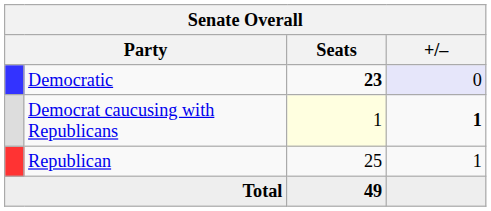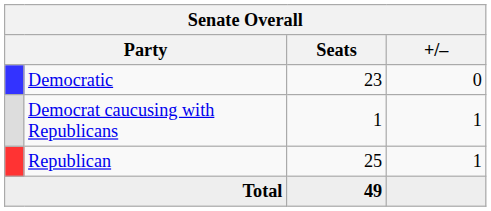 <table class="wikitable" style="font-size:95%;">
 <tr>
 <th colspan="6">Senate Overall</th>
 </tr>
 <tr>
 <th colspan=2 style="width: 15em">Party</th>
 <th style="width: 5em">Seats</th>
 <th style="width: 5em">+/–</th>
 </tr>
 <tr>
 <th style="background:#33f; width:3px;"></th>
 <td style="width: 130px"><a href='#'>Democratic</a></td>
-<td style="text-align:right;"><strong>23</strong></td>
-<td style="background: lavender; text-align:right;">0</td>
+<td style="text-align:right;">23</td>
+<td style="text-align:right;">0</td>
 </tr>
 <tr>
 <th style="background:#ddd; width:3px;"></th>
 <td style="width: 130px"><a href='#'>Democrat caucusing with Republicans</a></td>
-<td style="background: lightyellow; text-align:right;">1</td>
-<td style="text-align:right;"><strong> 1</strong></td>
+<td style="text-align:right;">1</td>
+<td style="text-align:right;"> 1</td>
 </tr>
 <tr>
 <th style="background:#f33; width:3px;"></th>
 <td style="width: 130px"><a href='#'>Republican</a></td>
 <td style="text-align:right;">25</td>
 <td style="text-align:right;"> 1</td>
 </tr>
 <tr style="background:#eee; text-align:right;">
 <td colspan="2"><strong>Total</strong></td>
 <td><strong>49</strong></td>
 <td></td>
 </tr>
 </table>
